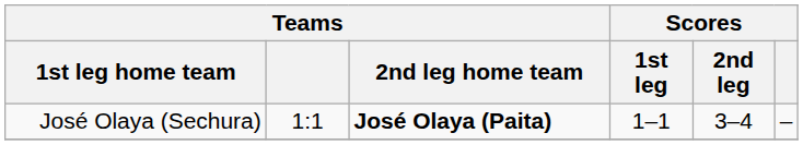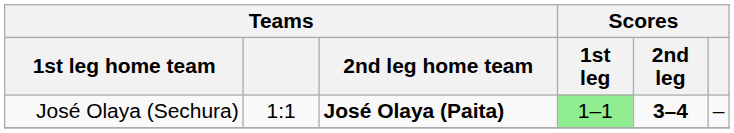 <table class="wikitable" style="text-align: center;">
 <tr>
 <th colspan=3>Teams</th>
 <th colspan=3>Scores</th>
 </tr>
 <tr>
 <th width="175">1st leg home team</th>
 <th width="50"></th>
 <th width="175">2nd leg home team</th>
 <th width="50">1st leg</th>
 <th width="50">2nd leg</th>
 <th></th>
 </tr>
 <tr>
 <td align=right>José Olaya (Sechura)</td>
 <td>1:1</td>
 <td align=left><strong>José Olaya (Paita)</strong></td>
-<td>1–1</td>
-<td>3–4</td>
+<td style="background: lightgreen;">1–1</td>
+<td><strong>3–4</strong></td>
 <td>–</td>
 </tr>
 <tr>
 </tr>
 </table>
